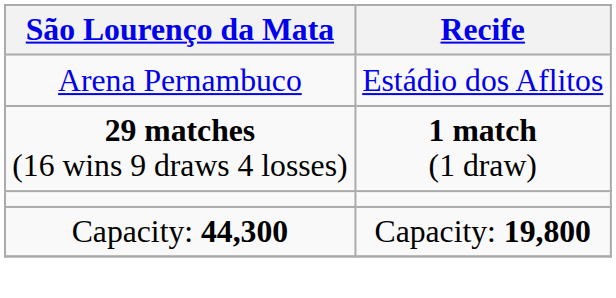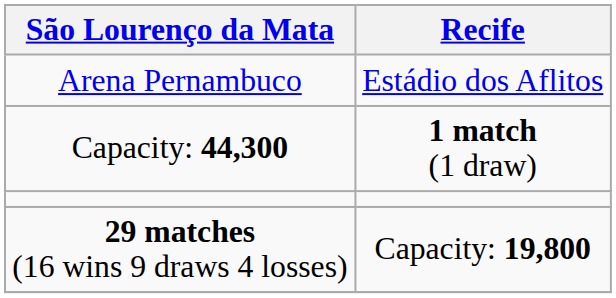 <table class="wikitable" style="text-align:center">
 <tr>
 <th><a href='#'>São Lourenço da Mata</a></th>
 <th><a href='#'>Recife</a></th>
 </tr>
 <tr>
 <td><a href='#'>Arena Pernambuco</a></td>
 <td><a href='#'>Estádio dos Aflitos</a></td>
 </tr>
 <tr>
-<td><strong>29 matches</strong><br>(16 wins 9 draws 4 losses)</td>
+<td>Capacity: <strong>44,300</strong></td>
 <td><strong>1 match</strong><br>(1 draw)</td>
 </tr>
 <tr>
 <td></td>
 <td></td>
 </tr>
 <tr>
-<td>Capacity: <strong>44,300</strong></td>
+<td><strong>29 matches</strong><br>(16 wins 9 draws 4 losses)</td>
 <td>Capacity: <strong>19,800</strong></td>
 </tr>
 <tr>
 </tr>
 </table>
